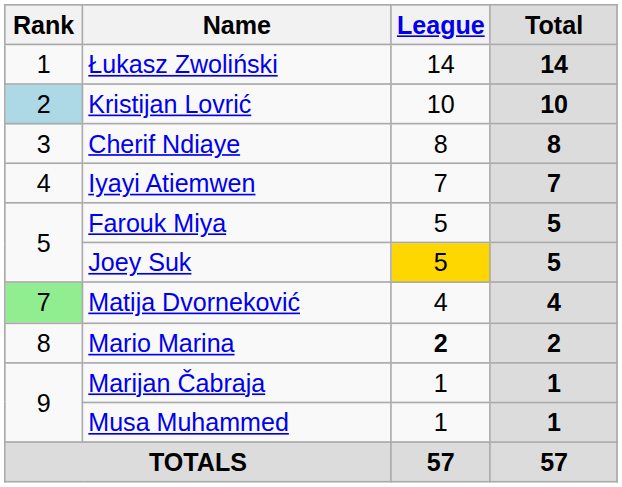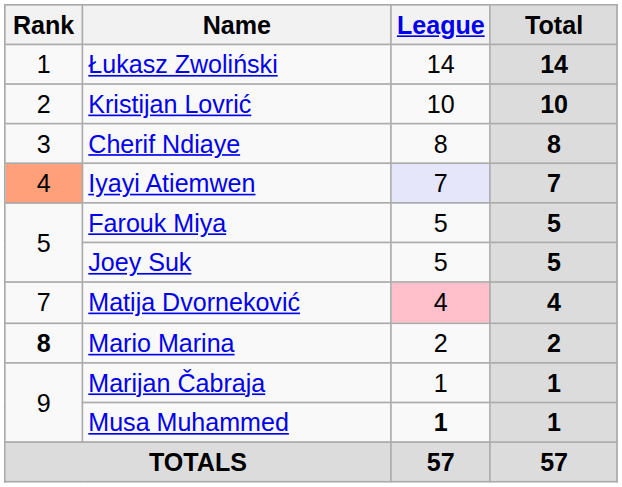 <table class="wikitable" style="font-size: 95%; text-align: center;">
 <tr>
 <th width=40>Rank</th>
 <th width=180>Name</th>
 <th width=50><a href='#'>League</a></th>
 <th width=70 style="background: #DCDCDC">Total</th>
 </tr>
 <tr>
 <td rowspan=1>1</td>
 <td style="text-align:left;"> <a href='#'>Łukasz Zwoliński</a></td>
 <td>14</td>
 <th style="background: #DCDCDC">14</th>
 </tr>
 <tr>
-<td rowspan=1 style="background: lightblue;">2</td>
+<td rowspan=1>2</td>
 <td style="text-align:left;"> <a href='#'>Kristijan Lovrić</a></td>
 <td>10</td>
 <th style="background: #DCDCDC">10</th>
 </tr>
 <tr>
 <td rowspan=1>3</td>
 <td style="text-align:left;"> <a href='#'>Cherif Ndiaye</a></td>
 <td>8</td>
 <th style="background: #DCDCDC">8</th>
 </tr>
 <tr>
-<td rowspan=1>4</td>
+<td rowspan=1 style="background: lightsalmon;">4</td>
 <td style="text-align:left;"> <a href='#'>Iyayi Atiemwen</a></td>
-<td>7</td>
+<td style="background: lavender;">7</td>
 <th style="background: #DCDCDC">7</th>
 </tr>
 <tr>
 <td rowspan=2>5</td>
 <td style="text-align:left;"> <a href='#'>Farouk Miya</a></td>
 <td>5</td>
 <th style="background: #DCDCDC">5</th>
 </tr>
 <tr>
 <td style="text-align:left;"> <a href='#'>Joey Suk</a></td>
-<td style="background: gold;">5</td>
+<td>5</td>
 <th style="background: #DCDCDC">5</th>
 </tr>
 <tr>
-<td rowspan=1 style="background: lightgreen;">7</td>
+<td rowspan=1>7</td>
 <td style="text-align:left;"> <a href='#'>Matija Dvorneković</a></td>
-<td>4</td>
+<td style="background: pink;">4</td>
 <th style="background: #DCDCDC">4</th>
 </tr>
 <tr>
-<td rowspan=1>8</td>
+<td rowspan=1><strong>8</strong></td>
 <td style="text-align:left;"> <a href='#'>Mario Marina</a></td>
-<td><strong>2</strong></td>
+<td>2</td>
 <th style="background: #DCDCDC">2</th>
 </tr>
 <tr>
 <td rowspan=2>9</td>
 <td style="text-align:left;"> <a href='#'>Marijan Čabraja</a></td>
 <td>1</td>
 <th style="background: #DCDCDC">1</th>
 </tr>
 <tr>
 <td style="text-align:left;"> <a href='#'>Musa Muhammed</a></td>
-<td>1</td>
+<td><strong>1</strong></td>
 <th style="background: #DCDCDC">1</th>
 </tr>
 <tr>
 <th colspan="2" align="center" style="background: #DCDCDC">TOTALS</th>
 <th style="background: #DCDCDC">57</th>
 <th style="background: #DCDCDC">57</th>
 </tr>
 </table>
